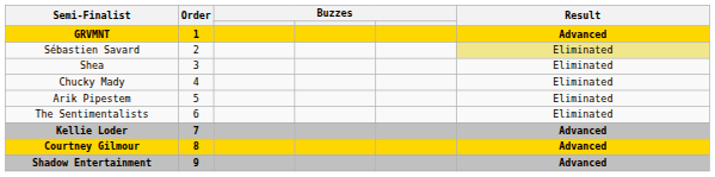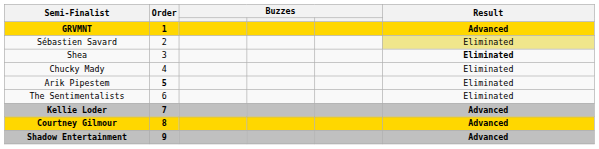 <table class="wikitable plainrowheaders sortable" style="text-align:center;">
 <tr>
 <th scope="col" rowspan="2" class="unsortable" style="width:17em;">Semi-Finalist</th>
 <th scope="col" rowspan="2" style="width:1em;">Order</th>
 <th scope="col" colspan="3" class="unsortable" style="width:24em;">Buzzes</th>
 <th scope="col" rowspan="2" style="width:25em;">Result</th>
 </tr>
 <tr>
 <th scope="col" class="unsortable" style="width:6em;"></th>
 <th scope="col" class="unsortable" style="width:6em;"></th>
 <th scope="col" class="unsortable" style="width:6em;"></th>
 </tr>
 <tr style="background:gold;">
 <td><strong>GRVMNT</strong></td>
 <td><strong>1</strong></td>
 <td style="text-align:center"></td>
 <td style="text-align:center"></td>
 <td style="text-align:center"></td>
 <td><strong>Advanced</strong></td>
 </tr>
 <tr>
 <td>Sébastien Savard</td>
 <td>2</td>
 <td style="text-align:center"></td>
 <td style="text-align:center"></td>
 <td style="text-align:center"></td>
 <td style="background: khaki;">Eliminated</td>
 </tr>
 <tr>
 <td>Shea</td>
 <td>3</td>
 <td style="text-align:center"></td>
 <td style="text-align:center"></td>
 <td style="text-align:center"></td>
-<td>Eliminated</td>
+<td><strong>Eliminated</strong></td>
 </tr>
 <tr>
 <td>Chucky Mady</td>
 <td>4</td>
 <td></td>
 <td></td>
 <td></td>
 <td>Eliminated</td>
 </tr>
 <tr>
 <td>Arik Pipestem</td>
-<td>5</td>
+<td><strong>5</strong></td>
 <td style="text-align:center"></td>
 <td style="text-align:center"></td>
 <td style="text-align:center"></td>
 <td>Eliminated</td>
 </tr>
 <tr>
 <td>The Sentimentalists</td>
 <td>6</td>
 <td></td>
 <td></td>
 <td></td>
 <td>Eliminated</td>
 </tr>
 <tr style="background:silver;">
 <td><strong>Kellie Loder</strong></td>
 <td><strong>7</strong></td>
 <td></td>
 <td></td>
 <td></td>
 <td><strong>Advanced</strong></td>
 </tr>
 <tr style="background:gold;">
 <td><strong>Courtney Gilmour</strong></td>
 <td><strong>8</strong></td>
 <td style="text-align:center"></td>
 <td style="text-align:center"></td>
 <td style="text-align:center"></td>
 <td><strong>Advanced</strong></td>
 </tr>
 <tr style="background:silver;">
 <td><strong>Shadow Entertainment</strong></td>
 <td><strong>9</strong></td>
 <td></td>
 <td></td>
 <td></td>
 <td><strong>Advanced</strong></td>
 </tr>
 </table>
